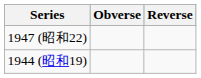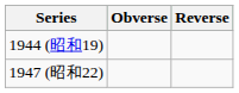 <table class="wikitable">
 <tr style="background:#2E8B57;">
 <th>Series</th>
 <th>Obverse</th>
 <th>Reverse</th>
 </tr>
 <tr>
+<td align="center">1944 (<a href='#'>昭和</a>19)<br></td>
+<td></td>
+<td></td>
+</tr>
+<tr>
 <td align="center">1947 (昭和22)<br></td>
 <td></td>
 <td></td>
 </tr>
-<tr>
-<td align="center">1944 (<a href='#'>昭和</a>19)<br></td>
-<td></td>
-<td></td>
-</tr>
 </table>
